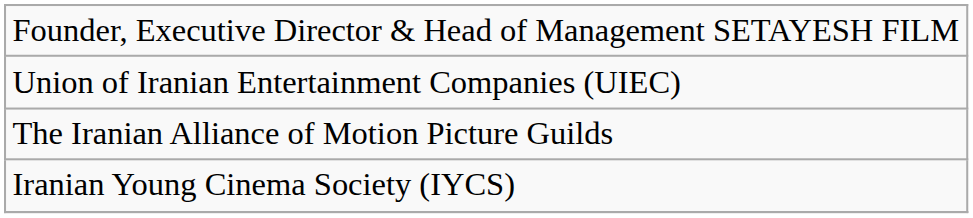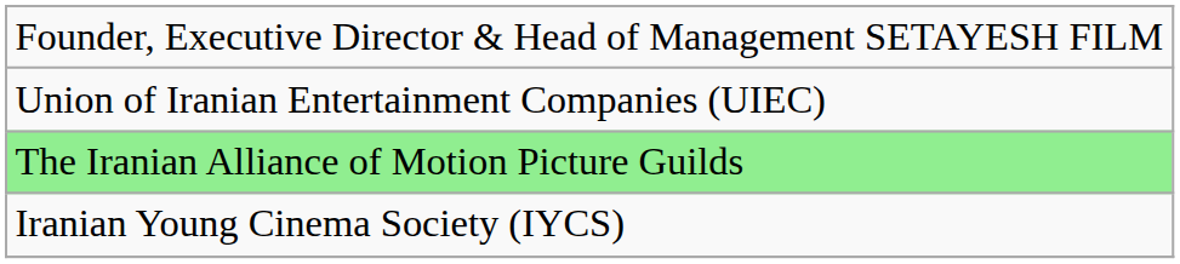 <table class="wikitable">
 <tr>
 <td>Founder, Executive Director & Head of Management SETAYESH FILM</td>
 </tr>
 <tr>
 <td>Union of Iranian Entertainment Companies (UIEC)</td>
 </tr>
 <tr>
-<td>The Iranian Alliance of Motion Picture Guilds </td>
+<td style="background: lightgreen;">The Iranian Alliance of Motion Picture Guilds </td>
 </tr>
 <tr>
 <td>Iranian Young Cinema Society (IYCS)</td>
 </tr>
 <tr>
 </tr>
 </table>
